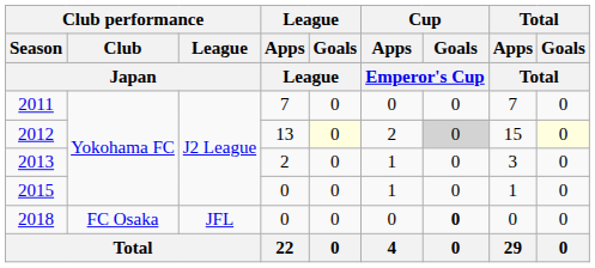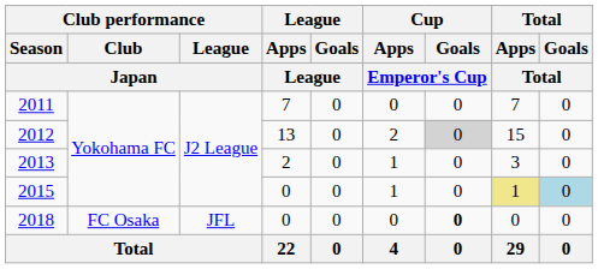 <table class="wikitable" style="text-align:center;">
 <tr>
 <th colspan=3>Club performance</th>
 <th colspan=2>League</th>
 <th colspan=2>Cup</th>
 <th colspan=2>Total</th>
 </tr>
 <tr>
 <th>Season</th>
 <th>Club</th>
 <th>League</th>
 <th>Apps</th>
 <th>Goals</th>
 <th>Apps</th>
 <th>Goals</th>
 <th>Apps</th>
 <th>Goals</th>
 </tr>
 <tr>
 <th colspan=3>Japan</th>
 <th colspan=2>League</th>
 <th colspan=2><a href='#'>Emperor's Cup</a></th>
 <th colspan=2>Total</th>
 </tr>
 <tr>
 <td><a href='#'>2011</a></td>
 <td rowspan="4"><a href='#'>Yokohama FC</a></td>
 <td rowspan="4"><a href='#'>J2 League</a></td>
 <td>7</td>
 <td>0</td>
 <td>0</td>
 <td>0</td>
 <td>7</td>
 <td>0</td>
 </tr>
 <tr>
 <td><a href='#'>2012</a></td>
 <td>13</td>
-<td style="background: lightyellow;">0</td>
+<td>0</td>
 <td>2</td>
 <td style="background: lightgrey;">0</td>
 <td>15</td>
-<td style="background: lightyellow;">0</td>
+<td>0</td>
 </tr>
 <tr>
 <td><a href='#'>2013</a></td>
 <td>2</td>
 <td>0</td>
 <td>1</td>
 <td>0</td>
 <td>3</td>
 <td>0</td>
 </tr>
 <tr>
 <td><a href='#'>2015</a></td>
 <td>0</td>
 <td>0</td>
 <td>1</td>
 <td>0</td>
-<td>1</td>
-<td>0</td>
+<td style="background: khaki;">1</td>
+<td style="background: lightblue;">0</td>
 </tr>
 <tr>
 <td><a href='#'>2018</a></td>
 <td rowspan="1"><a href='#'>FC Osaka</a></td>
 <td rowspan="1"><a href='#'>JFL</a></td>
 <td>0</td>
 <td>0</td>
 <td>0</td>
 <td><strong>0</strong></td>
 <td>0</td>
 <td>0</td>
 </tr>
 <tr>
 <th colspan=3>Total</th>
 <th>22</th>
 <th>0</th>
 <th>4</th>
 <th>0</th>
 <th>29</th>
 <th>0</th>
 </tr>
 </table>
